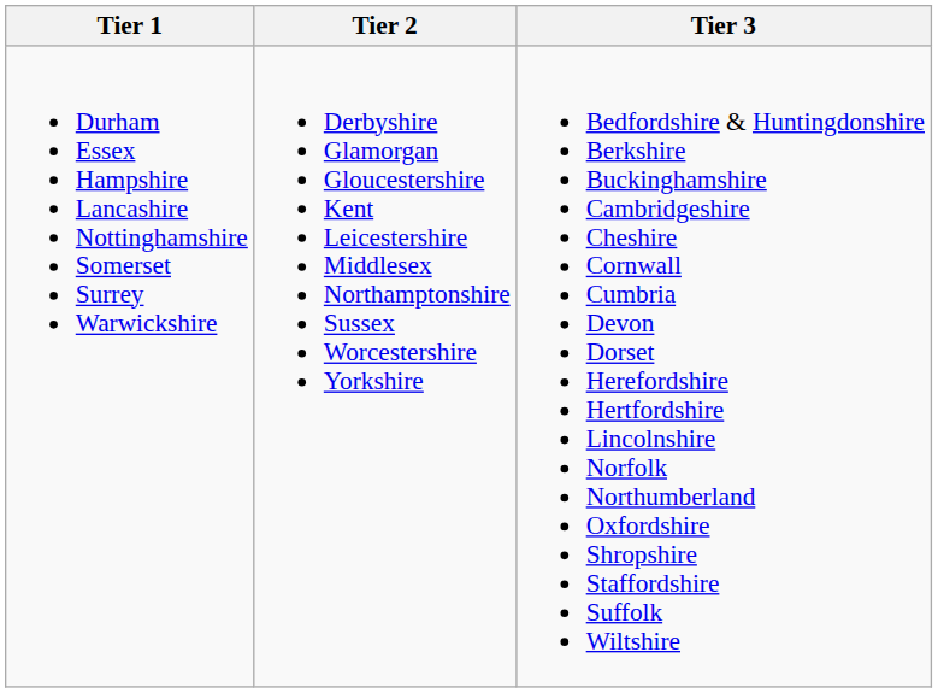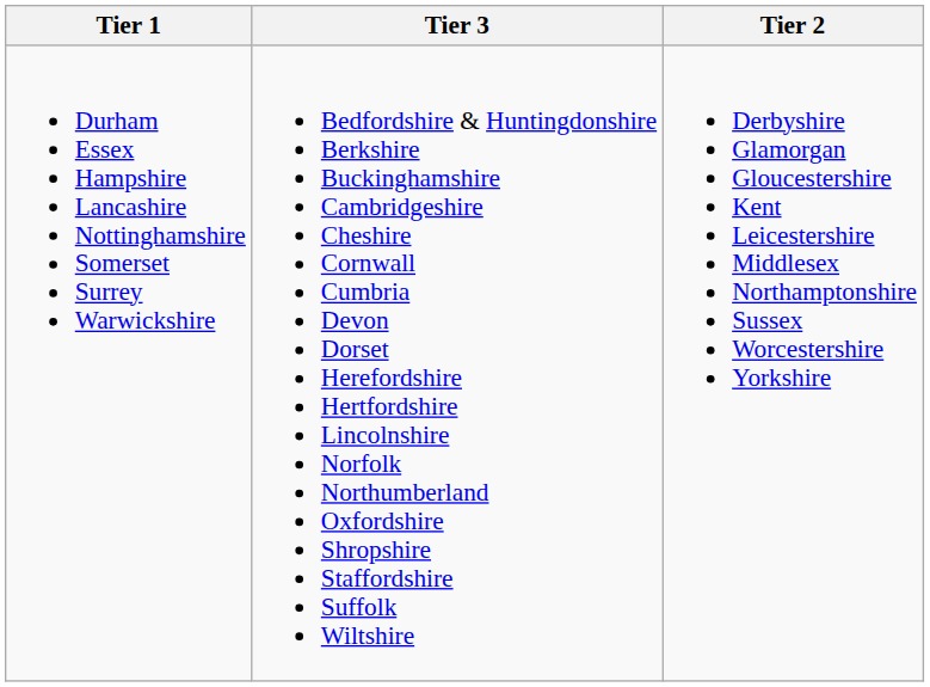 <table class="wikitable">
 <tr>
 <th>Tier 1</th>
+<th>Tier 3</th>
 <th>Tier 2</th>
-<th>Tier 3</th>
 </tr>
 <tr>
 <td valign=top><br><ul><li><a href='#'>Durham</a></li><li><a href='#'>Essex</a></li><li><a href='#'>Hampshire</a></li><li><a href='#'>Lancashire</a></li><li><a href='#'>Nottinghamshire</a></li><li><a href='#'>Somerset</a></li><li><a href='#'>Surrey</a></li><li><a href='#'>Warwickshire</a></li></ul></td>
+<td valign=top><br><ul><li><a href='#'>Bedfordshire</a> & <a href='#'>Huntingdonshire</a></li><li><a href='#'>Berkshire</a></li><li><a href='#'>Buckinghamshire</a></li><li><a href='#'>Cambridgeshire</a></li><li><a href='#'>Cheshire</a></li><li><a href='#'>Cornwall</a></li><li><a href='#'>Cumbria</a></li><li><a href='#'>Devon</a></li><li><a href='#'>Dorset</a></li><li><a href='#'>Herefordshire</a></li><li><a href='#'>Hertfordshire</a></li><li><a href='#'>Lincolnshire</a></li><li><a href='#'>Norfolk</a></li><li><a href='#'>Northumberland</a></li><li><a href='#'>Oxfordshire</a></li><li><a href='#'>Shropshire</a></li><li><a href='#'>Staffordshire</a></li><li><a href='#'>Suffolk</a></li><li><a href='#'>Wiltshire</a></li></ul></td>
 <td valign=top><br><ul><li><a href='#'>Derbyshire</a></li><li><a href='#'>Glamorgan</a></li><li><a href='#'>Gloucestershire</a></li><li><a href='#'>Kent</a></li><li><a href='#'>Leicestershire</a></li><li><a href='#'>Middlesex</a></li><li><a href='#'>Northamptonshire</a></li><li><a href='#'>Sussex</a></li><li><a href='#'>Worcestershire</a></li><li><a href='#'>Yorkshire</a></li></ul></td>
-<td valign=top><br><ul><li><a href='#'>Bedfordshire</a> & <a href='#'>Huntingdonshire</a></li><li><a href='#'>Berkshire</a></li><li><a href='#'>Buckinghamshire</a></li><li><a href='#'>Cambridgeshire</a></li><li><a href='#'>Cheshire</a></li><li><a href='#'>Cornwall</a></li><li><a href='#'>Cumbria</a></li><li><a href='#'>Devon</a></li><li><a href='#'>Dorset</a></li><li><a href='#'>Herefordshire</a></li><li><a href='#'>Hertfordshire</a></li><li><a href='#'>Lincolnshire</a></li><li><a href='#'>Norfolk</a></li><li><a href='#'>Northumberland</a></li><li><a href='#'>Oxfordshire</a></li><li><a href='#'>Shropshire</a></li><li><a href='#'>Staffordshire</a></li><li><a href='#'>Suffolk</a></li><li><a href='#'>Wiltshire</a></li></ul></td>
 </tr>
 </table>
